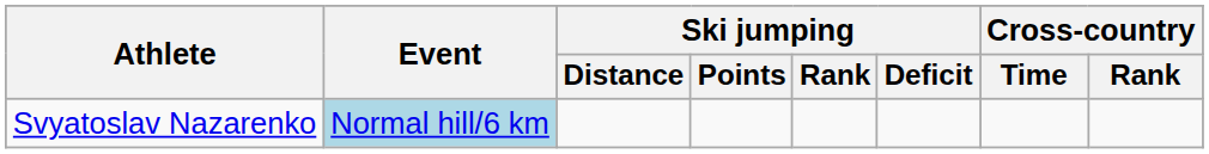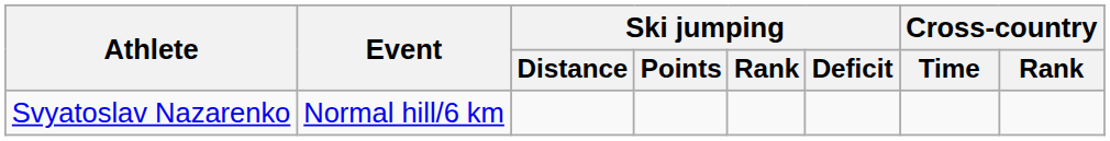 <table class="wikitable" style="font-size:90%">
 <tr>
 <th rowspan="2">Athlete</th>
 <th rowspan="2">Event</th>
 <th colspan="4">Ski jumping</th>
 <th colspan="2">Cross-country</th>
 </tr>
 <tr style="font-size:95%">
 <th>Distance</th>
 <th>Points</th>
 <th>Rank</th>
 <th>Deficit</th>
 <th>Time</th>
 <th>Rank</th>
 </tr>
 <tr align=center>
 <td align=left><a href='#'>Svyatoslav Nazarenko</a></td>
-<td align=left style="background: lightblue;"><a href='#'>Normal hill/6 km</a></td>
+<td align=left><a href='#'>Normal hill/6 km</a></td>
 <td></td>
 <td></td>
 <td></td>
 <td></td>
 <td></td>
 <td></td>
 </tr>
 </table>
